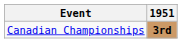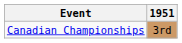 <table class="wikitable">
 <tr>
 <th>Event</th>
 <th>1951</th>
 </tr>
 <tr>
 <td><a href='#'>Canadian Championships</a></td>
-<td align="center" bgcolor="cc9966"><strong>3rd</strong></td>
+<td align="center" bgcolor="cc9966">3rd</td>
 </tr>
 </table>
